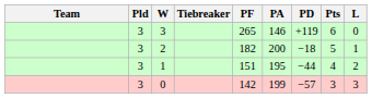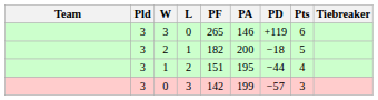 <table class="wikitable" style="text-align:center;">
 <tr>
 <th width=170>Team</th>
 <th width=25>Pld</th>
 <th width=25>W</th>
-<th width=50>Tiebreaker</th>
+<th width=25>L</th>
 <th width=35>PF</th>
 <th width=35>PA</th>
 <th width=35>PD</th>
 <th width=25>Pts</th>
-<th width=25>L</th>
+<th width=50>Tiebreaker</th>
 </tr>
 <tr bgcolor=ccffcc>
 <td align="left"></td>
 <td>3</td>
 <td>3</td>
-<td></td>
+<td>0</td>
 <td>265</td>
 <td>146</td>
 <td>+119</td>
 <td>6</td>
-<td>0</td>
+<td></td>
 </tr>
 <tr bgcolor=ccffcc>
 <td align="left"></td>
 <td>3</td>
 <td>2</td>
-<td></td>
+<td>1</td>
 <td>182</td>
 <td>200</td>
 <td>−18</td>
 <td>5</td>
-<td>1</td>
+<td></td>
 </tr>
 <tr bgcolor=ccffcc>
 <td align="left"></td>
 <td>3</td>
 <td>1</td>
-<td></td>
+<td>2</td>
 <td>151</td>
 <td>195</td>
 <td>−44</td>
 <td>4</td>
-<td>2</td>
+<td></td>
 </tr>
 <tr bgcolor=ffcccc>
 <td align="left"></td>
 <td>3</td>
 <td>0</td>
-<td></td>
+<td>3</td>
 <td>142</td>
 <td>199</td>
 <td>−57</td>
 <td>3</td>
-<td>3</td>
+<td></td>
 </tr>
 </table>
